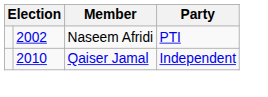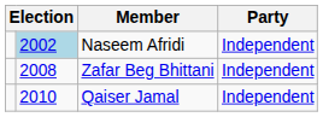 <table class="wikitable">
 <tr>
 <th colspan="2">Election</th>
 <th>Member</th>
 <th>Party</th>
 </tr>
 <tr>
 <td style="background-color: "></td>
-<td><a href='#'>2002</a></td>
+<td style="background: lightblue;"><a href='#'>2002</a></td>
 <td>Naseem Afridi</td>
-<td><a href='#'>PTI</a></td>
+<td><a href='#'>Independent</a></td>
+</tr>
+<tr>
+<td style="background-color: "></td>
+<td><a href='#'>2008</a></td>
+<td><a href='#'>Zafar Beg Bhittani</a></td>
+<td><a href='#'>Independent</a></td>
 </tr>
 <tr>
 <td style="background-color: "></td>
 <td><a href='#'>2010</a></td>
 <td><a href='#'>Qaiser Jamal</a></td>
 <td><a href='#'>Independent</a></td>
 </tr>
 </table>
